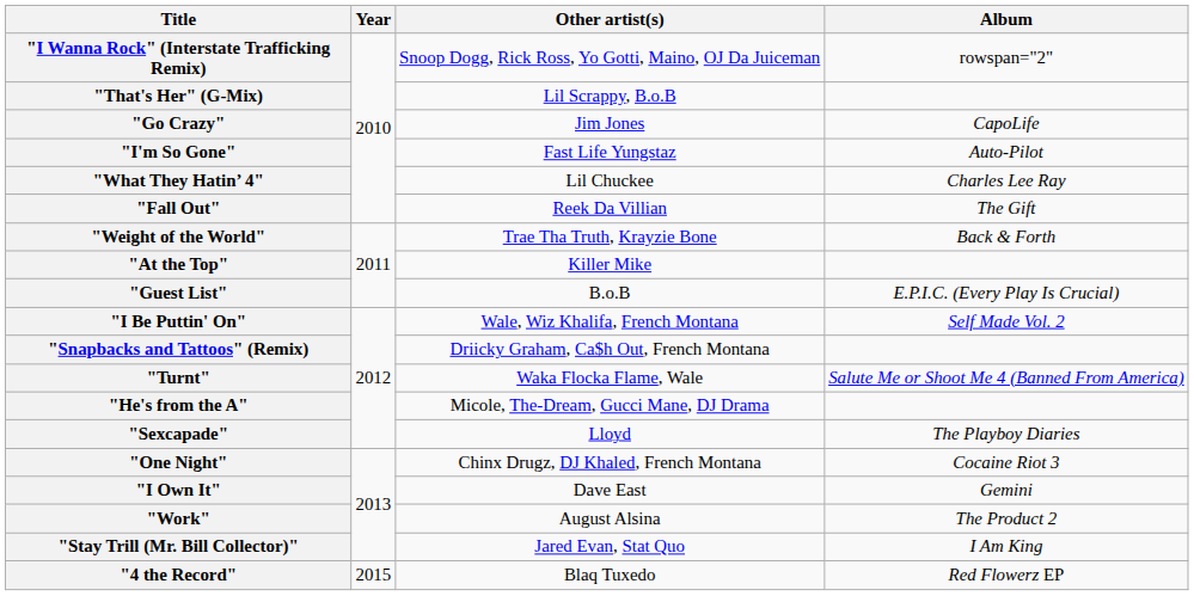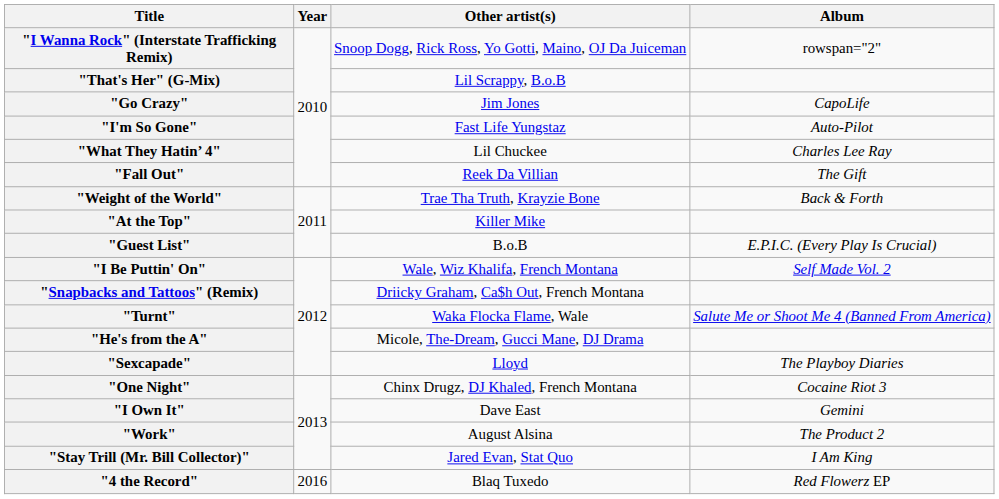 <table class="wikitable plainrowheaders" style="text-align:center;">
 <tr>
 <th scope="col" style="width:19em;">Title</th>
 <th scope="col">Year</th>
 <th scope="col">Other artist(s)</th>
 <th scope="col">Album</th>
 </tr>
 <tr>
 <th scope="row">"<a href='#'>I Wanna Rock</a>" (Interstate Trafficking Remix)</th>
 <td rowspan="6">2010</td>
 <td><a href='#'>Snoop Dogg</a>, <a href='#'>Rick Ross</a>, <a href='#'>Yo Gotti</a>, <a href='#'>Maino</a>, <a href='#'>OJ Da Juiceman</a></td>
 <td>rowspan="2" </td>
 </tr>
 <tr>
 <th scope="row">"That's Her" (G-Mix)</th>
 <td><a href='#'>Lil Scrappy</a>, <a href='#'>B.o.B</a></td>
 </tr>
 <tr>
 <th scope="row">"Go Crazy"</th>
 <td><a href='#'>Jim Jones</a></td>
 <td><em>CapoLife</em></td>
 </tr>
 <tr>
 <th scope="row">"I'm So Gone"</th>
 <td><a href='#'>Fast Life Yungstaz</a></td>
 <td><em>Auto-Pilot</em></td>
 </tr>
 <tr>
 <th scope="row">"What They Hatin’ 4"</th>
 <td>Lil Chuckee</td>
 <td><em>Charles Lee Ray</em></td>
 </tr>
 <tr>
 <th scope="row">"Fall Out"</th>
 <td><a href='#'>Reek Da Villian</a></td>
 <td><em>The Gift</em></td>
 </tr>
 <tr>
 <th scope="row">"Weight of the World"</th>
 <td rowspan="3">2011</td>
 <td><a href='#'>Trae Tha Truth</a>, <a href='#'>Krayzie Bone</a></td>
 <td><em>Back & Forth</em></td>
 </tr>
 <tr>
 <th scope="row">"At the Top"</th>
 <td><a href='#'>Killer Mike</a></td>
 <td></td>
 </tr>
 <tr>
 <th scope="row">"Guest List"</th>
 <td>B.o.B</td>
 <td><em>E.P.I.C. (Every Play Is Crucial)</em></td>
 </tr>
 <tr>
 <th scope="row">"I Be Puttin' On"</th>
 <td rowspan="5">2012</td>
 <td><a href='#'>Wale</a>, <a href='#'>Wiz Khalifa</a>, <a href='#'>French Montana</a></td>
 <td><em><a href='#'>Self Made Vol. 2</a></em></td>
 </tr>
 <tr>
 <th scope="row">"<a href='#'>Snapbacks and Tattoos</a>" (Remix)</th>
 <td><a href='#'>Driicky Graham</a>, <a href='#'>Ca$h Out</a>, French Montana</td>
 <td></td>
 </tr>
 <tr>
 <th scope="row">"Turnt"</th>
 <td><a href='#'>Waka Flocka Flame</a>, Wale</td>
 <td><em><a href='#'>Salute Me or Shoot Me 4 (Banned From America)</a></em></td>
 </tr>
 <tr>
 <th scope="row">"He's from the A"</th>
 <td>Micole, <a href='#'>The-Dream</a>, <a href='#'>Gucci Mane</a>, <a href='#'>DJ Drama</a></td>
 <td></td>
 </tr>
 <tr>
 <th scope="row">"Sexcapade"</th>
 <td><a href='#'>Lloyd</a></td>
 <td><em>The Playboy Diaries</em></td>
 </tr>
 <tr>
 <th scope="row">"One Night"</th>
 <td rowspan="4">2013</td>
 <td>Chinx Drugz, <a href='#'>DJ Khaled</a>, French Montana</td>
 <td><em>Cocaine Riot 3</em></td>
 </tr>
 <tr>
 <th scope="row">"I Own It"</th>
 <td>Dave East</td>
 <td><em>Gemini</em></td>
 </tr>
 <tr>
 <th scope="row">"Work"</th>
 <td>August Alsina</td>
 <td><em>The Product 2</em></td>
 </tr>
 <tr>
 <th scope="row">"Stay Trill (Mr. Bill Collector)"</th>
 <td><a href='#'>Jared Evan</a>, <a href='#'>Stat Quo</a></td>
 <td><em>I Am King</em></td>
 </tr>
 <tr>
 <th scope="row">"4 the Record"</th>
-<td>2015</td>
+<td>2016</td>
 <td>Blaq Tuxedo</td>
 <td><em>Red Flowerz</em> EP</td>
 </tr>
 </table>
